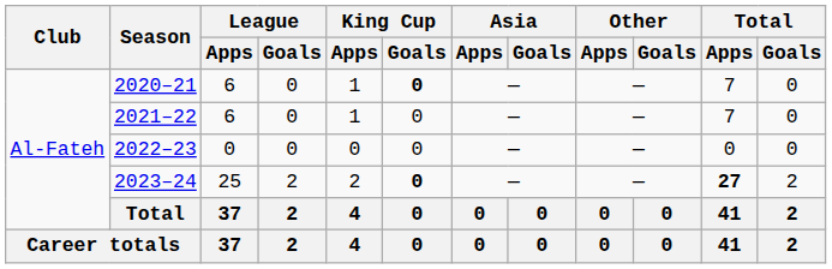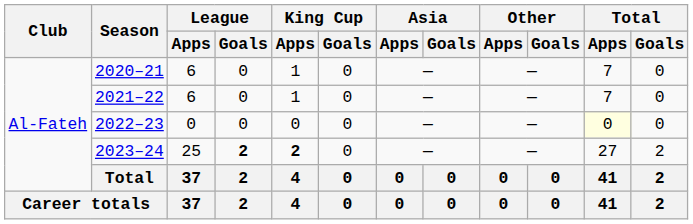 <table class="wikitable" style="text-align: center">
 <tr>
 <th rowspan=2>Club</th>
 <th rowspan=2>Season</th>
 <th colspan=2>League</th>
 <th colspan=2>King Cup</th>
 <th colspan=2>Asia</th>
 <th colspan=2>Other</th>
 <th colspan=2>Total</th>
 </tr>
 <tr>
 <th>Apps</th>
 <th>Goals</th>
 <th>Apps</th>
 <th>Goals</th>
 <th>Apps</th>
 <th>Goals</th>
 <th>Apps</th>
 <th>Goals</th>
 <th>Apps</th>
 <th>Goals</th>
 </tr>
 <tr>
 <td rowspan=5><a href='#'>Al-Fateh</a></td>
 <td><a href='#'>2020–21</a></td>
 <td>6</td>
 <td>0</td>
 <td>1</td>
-<td><strong>0</strong></td>
+<td>0</td>
 <td colspan=2>—</td>
 <td colspan=2>—</td>
 <td>7</td>
 <td>0</td>
 </tr>
 <tr>
 <td><a href='#'>2021–22</a></td>
 <td>6</td>
 <td>0</td>
 <td>1</td>
 <td>0</td>
 <td colspan=2>—</td>
 <td colspan=2>—</td>
 <td>7</td>
 <td>0</td>
 </tr>
 <tr>
 <td><a href='#'>2022–23</a></td>
 <td>0</td>
 <td>0</td>
 <td>0</td>
 <td>0</td>
 <td colspan=2>—</td>
 <td colspan=2>—</td>
-<td>0</td>
+<td style="background: lightyellow;">0</td>
 <td>0</td>
 </tr>
 <tr>
 <td><a href='#'>2023–24</a></td>
 <td>25</td>
-<td>2</td>
-<td>2</td>
-<td><strong>0</strong></td>
+<td><strong>2</strong></td>
+<td><strong>2</strong></td>
+<td>0</td>
 <td colspan=2>—</td>
 <td colspan=2>—</td>
-<td><strong>27</strong></td>
+<td>27</td>
 <td>2</td>
 </tr>
 <tr>
 <th>Total</th>
 <th>37</th>
 <th>2</th>
 <th>4</th>
 <th>0</th>
 <th>0</th>
 <th>0</th>
 <th>0</th>
 <th>0</th>
 <th>41</th>
 <th>2</th>
 </tr>
 <tr>
 <th colspan=2>Career totals</th>
 <th>37</th>
 <th>2</th>
 <th>4</th>
 <th>0</th>
 <th>0</th>
 <th>0</th>
 <th>0</th>
 <th>0</th>
 <th>41</th>
 <th>2</th>
 </tr>
 </table>
